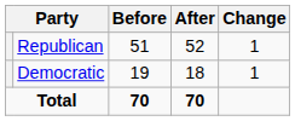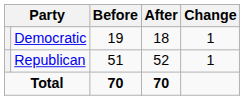 <table class="wikitable" style="text-align:center;">
 <tr>
 <th colspan="2">Party</th>
 <th>Before</th>
 <th>After</th>
 <th>Change</th>
 </tr>
 <tr>
 <th style="background-color:"></th>
-<td style="text-align:left;"><a href='#'>Republican</a></td>
-<td>51</td>
-<td>52</td>
+<td style="text-align:left;"><a href='#'>Democratic</a></td>
+<td>19</td>
+<td>18</td>
 <td> 1</td>
 </tr>
 <tr>
 <th style="background-color:"></th>
-<td style="text-align:left;"><a href='#'>Democratic</a></td>
-<td>19</td>
-<td>18</td>
+<td style="text-align:left;"><a href='#'>Republican</a></td>
+<td>51</td>
+<td>52</td>
 <td> 1</td>
 </tr>
 <tr>
 <td colspan="2"><strong>Total</strong></td>
 <td><strong>70</strong></td>
 <td><strong>70</strong></td>
 <td></td>
 </tr>
 </table>
